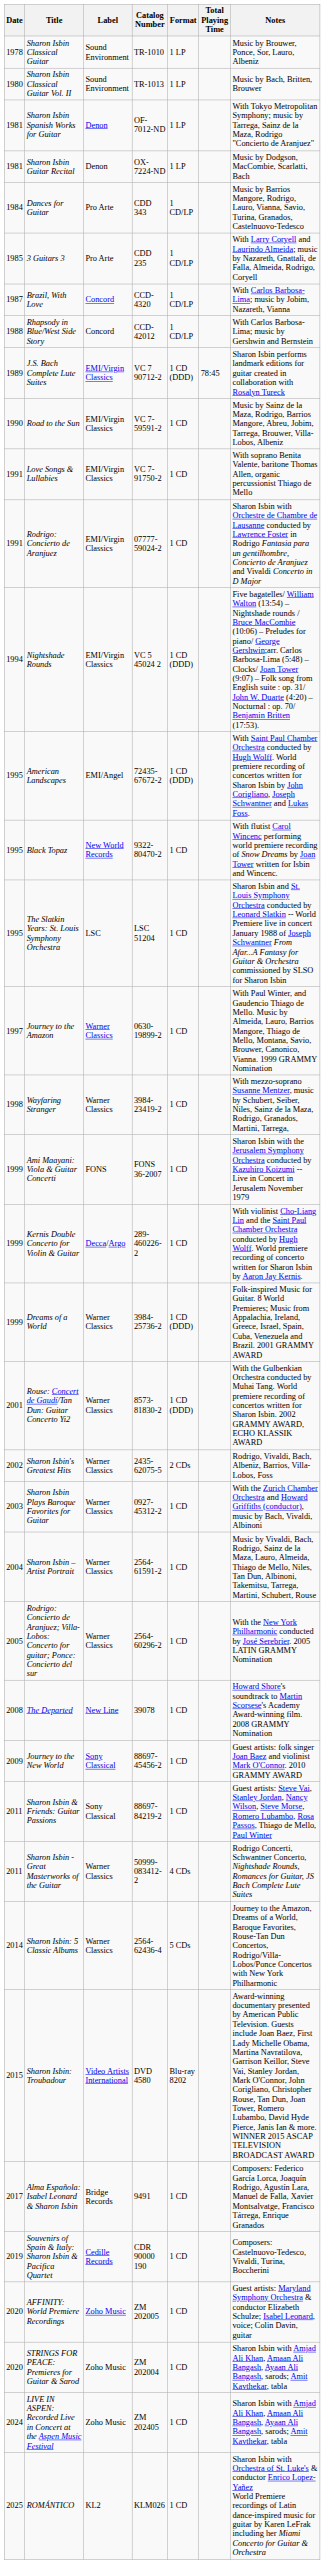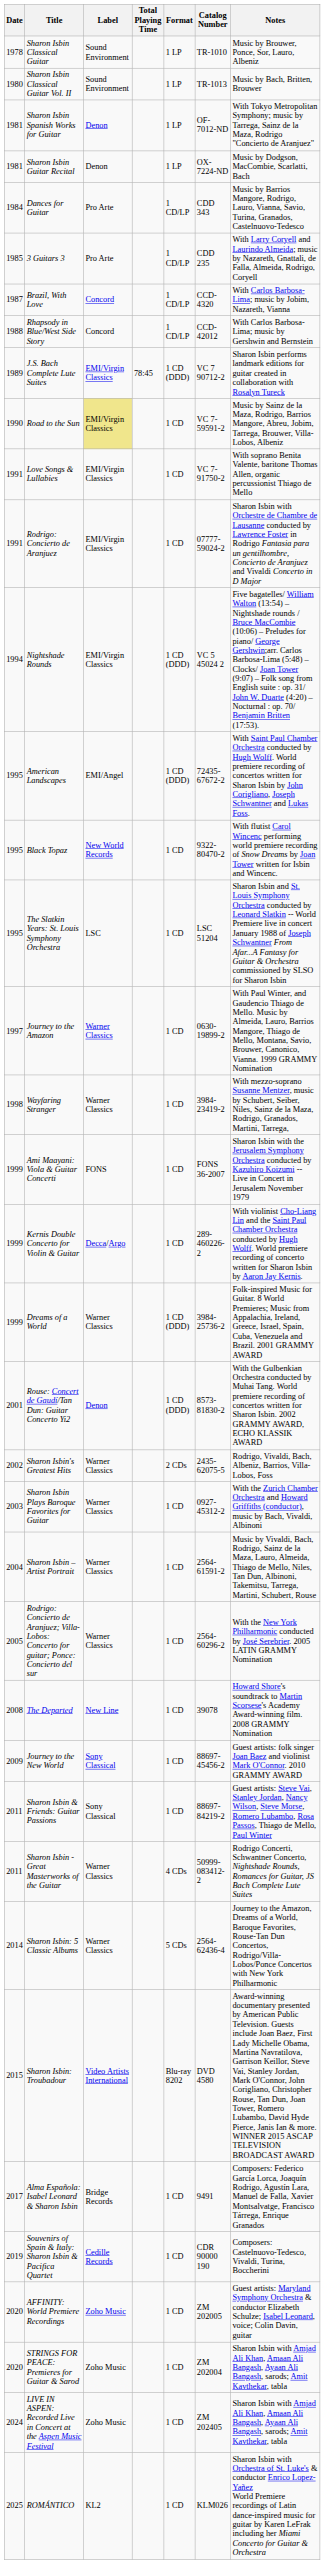 <table class="wikitable">
 <tr>
 <th>Date</th>
 <th>Title</th>
 <th>Label</th>
+<th>Total Playing Time</th>
+<th>Format</th>
 <th>Catalog Number</th>
-<th>Format</th>
-<th>Total Playing Time</th>
 <th>Notes</th>
 </tr>
 <tr>
 <td>1978</td>
 <td><em>Sharon Isbin Classical Guitar</em></td>
 <td>Sound Environment</td>
+<td></td>
+<td>1 LP</td>
 <td>TR-1010</td>
-<td>1 LP</td>
-<td></td>
 <td>Music by Brouwer, Ponce, Sor, Lauro, Albeniz</td>
 </tr>
 <tr>
 <td>1980</td>
 <td><em>Sharon Isbin Classical Guitar Vol. II</em></td>
 <td>Sound Environment</td>
+<td></td>
+<td>1 LP</td>
 <td>TR-1013</td>
-<td>1 LP</td>
-<td></td>
 <td>Music by Bach, Britten, Brouwer</td>
 </tr>
 <tr>
 <td>1981</td>
 <td><em>Sharon Isbin Spanish Works for Guitar</em></td>
 <td><a href='#'>Denon</a></td>
+<td></td>
+<td>1 LP</td>
 <td>OF-7012-ND</td>
-<td>1 LP</td>
-<td></td>
 <td>With Tokyo Metropolitan Symphony; music by Tarrega, Sainz de la Maza, Rodrigo "Concierto de Aranjuez"</td>
 </tr>
 <tr>
 <td>1981</td>
 <td><em>Sharon Isbin Guitar Recital</em></td>
 <td>Denon</td>
+<td></td>
+<td>1 LP</td>
 <td>OX-7224-ND</td>
-<td>1 LP</td>
-<td></td>
 <td>Music by Dodgson, MacCombie, Scarlatti, Bach</td>
 </tr>
 <tr>
 <td>1984</td>
 <td><em>Dances for Guitar</em></td>
 <td>Pro Arte</td>
+<td></td>
+<td>1 CD/LP</td>
 <td>CDD 343</td>
-<td>1 CD/LP</td>
-<td></td>
 <td>Music by Barrios Mangore, Rodrigo, Lauro, Vianna, Savio, Turina, Granados, Castelnuovo-Tedesco</td>
 </tr>
 <tr>
 <td>1985</td>
 <td><em>3 Guitars 3</em></td>
 <td>Pro Arte</td>
+<td></td>
+<td>1 CD/LP</td>
 <td>CDD 235</td>
-<td>1 CD/LP</td>
-<td></td>
 <td>With <a href='#'>Larry Coryell</a> and <a href='#'>Laurindo Almeida</a>; music by Nazareth, Gnattali, de Falla, Almeida, Rodrigo, Coryell</td>
 </tr>
 <tr>
 <td>1987</td>
 <td><em>Brazil, With Love</em></td>
 <td><a href='#'>Concord</a></td>
+<td></td>
+<td>1 CD/LP</td>
 <td>CCD-4320</td>
-<td>1 CD/LP</td>
-<td></td>
 <td>With <a href='#'>Carlos Barbosa-Lima</a>; music by Jobim, Nazareth, Vianna</td>
 </tr>
 <tr>
 <td>1988</td>
 <td><em>Rhapsody in Blue/West Side Story</em></td>
 <td>Concord</td>
+<td></td>
+<td>1 CD/LP</td>
 <td>CCD-42012</td>
-<td>1 CD/LP</td>
-<td></td>
 <td>With Carlos Barbosa-Lima; music by Gershwin and Bernstein</td>
 </tr>
 <tr>
 <td>1989</td>
 <td><em>J.S. Bach Complete Lute Suites</em></td>
 <td><a href='#'>EMI/Virgin Classics</a></td>
+<td>78:45</td>
+<td>1 CD (DDD)</td>
 <td>VC 7 90712-2</td>
-<td>1 CD (DDD)</td>
-<td>78:45</td>
 <td>Sharon Isbin performs landmark editions for guitar created in collaboration with <a href='#'>Rosalyn Tureck</a></td>
 </tr>
 <tr>
 <td>1990</td>
 <td><em>Road to the Sun</em></td>
-<td>EMI/Virgin Classics</td>
+<td style="background: khaki;">EMI/Virgin Classics</td>
+<td></td>
+<td>1 CD</td>
 <td>VC 7-59591-2</td>
-<td>1 CD</td>
-<td></td>
 <td>Music by Sainz de la Maza, Rodrigo, Barrios Mangore, Abreu, Jobim, Tarrega, Brouwer, Villa-Lobos, Albeniz</td>
 </tr>
 <tr>
 <td>1991</td>
 <td><em>Love Songs & Lullabies</em></td>
 <td>EMI/Virgin Classics</td>
+<td></td>
+<td>1 CD</td>
 <td>VC 7-91750-2</td>
-<td>1 CD</td>
-<td></td>
 <td>With soprano Benita Valente, baritone Thomas Allen, organic percussionist Thiago de Mello</td>
 </tr>
 <tr>
 <td>1991</td>
 <td><em>Rodrigo: Concierto de Aranjuez</em></td>
 <td>EMI/Virgin Classics</td>
+<td></td>
+<td>1 CD</td>
 <td>07777-59024-2</td>
-<td>1 CD</td>
-<td></td>
 <td>Sharon Isbin with <a href='#'>Orchestre de Chambre de Lausanne</a> conducted by <a href='#'>Lawrence Foster</a> in Rodrigo <em>Fantasia para un gentilhombre, Concierto de Aranjuez</em> and Vivaldi <em>Concerto in D Major</em></td>
 </tr>
 <tr>
 <td>1994</td>
 <td><em>Nightshade Rounds</em></td>
 <td>EMI/Virgin Classics</td>
+<td></td>
+<td>1 CD (DDD)</td>
 <td>VC 5 45024 2</td>
-<td>1 CD (DDD)</td>
-<td></td>
 <td>Five bagatelles/ <a href='#'>William Walton</a> (13:54) – Nightshade rounds / <a href='#'>Bruce MacCombie</a> (10:06) – Preludes for piano/ <a href='#'>George Gershwin</a>;arr. Carlos Barbosa-Lima (5:48) – Clocks/ <a href='#'>Joan Tower</a> (9:07) – Folk song from English suite : op. 31/ <a href='#'>John W. Duarte</a> (4:20) – Nocturnal : op. 70/ <a href='#'>Benjamin Britten</a> (17:53).</td>
 </tr>
 <tr>
 <td>1995</td>
 <td><em>American Landscapes</em></td>
 <td>EMI/Angel</td>
+<td></td>
+<td>1 CD (DDD)</td>
 <td>72435-67672-2</td>
-<td>1 CD (DDD)</td>
-<td></td>
 <td>With <a href='#'>Saint Paul Chamber Orchestra</a> conducted by <a href='#'>Hugh Wolff</a>. World premiere recording of concertos written for Sharon Isbin by <a href='#'>John Corigliano</a>, <a href='#'>Joseph Schwantner</a> and <a href='#'>Lukas Foss</a>.</td>
 </tr>
 <tr>
 <td>1995</td>
 <td><em>Black Topaz</em></td>
 <td><a href='#'>New World Records</a></td>
+<td></td>
+<td>1 CD</td>
 <td>9322-80470-2</td>
-<td>1 CD</td>
-<td></td>
 <td>With flutist <a href='#'>Carol Wincenc</a> performing world premiere recording of <em>Snow Dreams</em> by <a href='#'>Joan Tower</a> written for Isbin and Wincenc.</td>
 </tr>
 <tr>
 <td>1995</td>
 <td><em>The Slatkin Years: St. Louis Symphony Orchestra</em></td>
 <td>LSC</td>
+<td></td>
+<td>1 CD</td>
 <td>LSC 51204</td>
-<td>1 CD</td>
-<td></td>
 <td>Sharon Isbin and <a href='#'>St. Louis Symphony Orchestra</a> conducted by <a href='#'>Leonard Slatkin</a> -- World Premiere live in concert January 1988 of <a href='#'>Joseph Schwantner</a> <em>From Afar...A Fantasy for Guitar & Orchestra</em> commissioned by SLSO for Sharon Isbin</td>
 </tr>
 <tr>
 <td>1997</td>
 <td><em>Journey to the Amazon</em></td>
 <td><a href='#'>Warner Classics</a></td>
+<td></td>
+<td>1 CD</td>
 <td>0630-19899-2</td>
-<td>1 CD</td>
-<td></td>
 <td>With Paul Winter, and Gaudencio Thiago de Mello. Music by Almeida, Lauro, Barrios Mangore, Thiago de Mello, Montana, Savio, Brouwer, Canonico, Vianna. 1999 GRAMMY Nomination</td>
 </tr>
 <tr>
 <td>1998</td>
 <td><em>Wayfaring Stranger</em></td>
 <td>Warner Classics</td>
+<td></td>
+<td>1 CD</td>
 <td>3984-23419-2</td>
-<td>1 CD</td>
-<td></td>
 <td>With mezzo-soprano <a href='#'>Susanne Mentzer</a>, music by Schubert, Seiber, Niles, Sainz de la Maza, Rodrigo, Granados, Martini, Tarrega,</td>
 </tr>
 <tr>
 <td>1999</td>
 <td><em>Ami Maayani: Viola & Guitar Concerti</em></td>
 <td>FONS</td>
+<td></td>
+<td>1 CD</td>
 <td>FONS 36-2007</td>
-<td>1 CD</td>
-<td></td>
 <td>Sharon Isbin with the <a href='#'>Jerusalem Symphony Orchestra</a> conducted by <a href='#'>Kazuhiro Koizumi</a> -- Live in Concert in Jerusalem November 1979</td>
 </tr>
 <tr>
 <td>1999</td>
 <td><em>Kernis Double Concerto for Violin & Guitar</em></td>
 <td><a href='#'>Decca</a>/<a href='#'>Argo</a></td>
+<td></td>
+<td>1 CD</td>
 <td>289-460226-2</td>
-<td>1 CD</td>
-<td></td>
 <td>With violinist <a href='#'>Cho-Liang Lin</a> and the <a href='#'>Saint Paul Chamber Orchestra</a> conducted by <a href='#'>Hugh Wolff</a>. World premiere recording of concerto written for Sharon Isbin by <a href='#'>Aaron Jay Kernis</a>.</td>
 </tr>
 <tr>
 <td>1999</td>
 <td><em>Dreams of a World</em></td>
 <td>Warner Classics</td>
+<td></td>
+<td>1 CD (DDD)</td>
 <td>3984-25736-2</td>
-<td>1 CD (DDD)</td>
-<td></td>
 <td>Folk-inspired Music for Guitar. 8 World Premieres; Music from Appalachia, Ireland, Greece, Israel, Spain, Cuba, Venezuela and Brazil. 2001 GRAMMY AWARD</td>
 </tr>
 <tr>
 <td>2001</td>
 <td><em>Rouse: <a href='#'>Concert de Gaudí</a>/Tan Dun: Guitar Concerto Yi2</em></td>
-<td>Warner Classics</td>
+<td><a href='#'>Denon</a></td>
+<td></td>
+<td>1 CD (DDD)</td>
 <td>8573-81830-2</td>
-<td>1 CD (DDD)</td>
-<td></td>
 <td>With the Gulbenkian Orchestra conducted by Muhai Tang. World premiere recording of concertos written for Sharon Isbin. 2002 GRAMMY AWARD, ECHO KLASSIK AWARD</td>
 </tr>
 <tr>
 <td>2002</td>
 <td><em>Sharon Isbin's Greatest Hits</em></td>
 <td>Warner Classics</td>
+<td></td>
+<td>2 CDs</td>
 <td>2435-62075-5</td>
-<td>2 CDs</td>
-<td></td>
 <td>Rodrigo, Vivaldi, Bach, Albeniz, Barrios, Villa-Lobos, Foss</td>
 </tr>
 <tr>
 <td>2003</td>
 <td><em>Sharon Isbin Plays Baroque Favorites for Guitar</em></td>
 <td>Warner Classics</td>
+<td></td>
+<td>1 CD</td>
 <td>0927-45312-2</td>
-<td>1 CD</td>
-<td></td>
 <td>With the <a href='#'>Zurich Chamber Orchestra</a> and <a href='#'>Howard Griffiths (conductor)</a>, music by Bach, Vivaldi, Albinoni</td>
 </tr>
 <tr>
 <td>2004</td>
 <td><em>Sharon Isbin – Artist Portrait</em></td>
 <td>Warner Classics</td>
+<td></td>
+<td>1 CD</td>
 <td>2564-61591-2</td>
-<td>1 CD</td>
-<td></td>
 <td>Music by Vivaldi, Bach, Rodrigo, Sainz de la Maza, Lauro, Almeida, Thiago de Mello, Niles, Tan Dun, Albinoni, Takemitsu, Tarrega, Martini, Schubert, Rouse</td>
 </tr>
 <tr>
 <td>2005</td>
 <td><em>Rodrigo: Concierto de Aranjuez; Villa-Lobos: Concerto for guitar; Ponce: Concierto del sur</em></td>
 <td>Warner Classics</td>
+<td></td>
+<td>1 CD</td>
 <td>2564-60296-2</td>
-<td>1 CD</td>
-<td></td>
 <td>With the <a href='#'>New York Philharmonic</a> conducted by <a href='#'>José Serebrier</a>. 2005 LATIN GRAMMY Nomination</td>
 </tr>
 <tr>
 <td>2008</td>
 <td><em><a href='#'>The Departed</a></em></td>
 <td><a href='#'>New Line</a></td>
+<td></td>
+<td>1 CD</td>
 <td>39078</td>
-<td>1 CD</td>
-<td></td>
 <td><a href='#'>Howard Shore</a>'s soundtrack to <a href='#'>Martin Scorsese</a>'s Academy Award-winning film. 2008 GRAMMY Nomination</td>
 </tr>
 <tr>
 <td>2009</td>
 <td><em>Journey to the New World</em></td>
 <td><a href='#'>Sony Classical</a></td>
+<td></td>
+<td>1 CD</td>
 <td>88697-45456-2</td>
-<td>1 CD</td>
-<td></td>
 <td>Guest artists: folk singer <a href='#'>Joan Baez</a> and violinist <a href='#'>Mark O'Connor</a>. 2010 GRAMMY AWARD</td>
 </tr>
 <tr>
 <td>2011</td>
 <td><em>Sharon Isbin & Friends: Guitar Passions</em></td>
 <td Sony Masterworks>Sony Classical</td>
+<td></td>
+<td>1 CD</td>
 <td>88697-84219-2</td>
-<td>1 CD</td>
-<td></td>
 <td>Guest artists: <a href='#'>Steve Vai</a>, <a href='#'>Stanley Jordan</a>, <a href='#'>Nancy Wilson</a>, <a href='#'>Steve Morse</a>, <a href='#'>Romero Lubambo</a>, <a href='#'>Rosa Passos</a>, Thiago de Mello, <a href='#'>Paul Winter</a></td>
 </tr>
 <tr>
 <td>2011</td>
 <td><em>Sharon Isbin - Great Masterworks of the Guitar</em></td>
 <td>Warner Classics</td>
+<td></td>
+<td>4 CDs</td>
 <td>50999-083412-2</td>
-<td>4 CDs</td>
-<td></td>
 <td>Rodrigo Concerti, Schwantner Concerto, <em>Nightshade Rounds, Romances for Guitar, JS Bach Complete Lute Suites</em></td>
 </tr>
 <tr>
 <td>2014</td>
 <td><em>Sharon Isbin: 5 Classic Albums</em></td>
 <td>Warner Classics</td>
+<td></td>
+<td>5 CDs</td>
 <td>2564-62436-4</td>
-<td>5 CDs</td>
-<td></td>
 <td>Journey to the Amazon, Dreams of a World, Baroque Favorites, Rouse-Tan Dun Concertos, Rodrigo/Villa-Lobos/Ponce Concertos with New York Philharmonic</td>
 </tr>
 <tr>
 <td>2015</td>
 <td><em>Sharon Isbin: Troubadour</em></td>
 <td><a href='#'>Video Artists International</a></td>
+<td></td>
+<td>Blu-ray 8202</td>
 <td>DVD 4580</td>
-<td>Blu-ray 8202</td>
-<td></td>
 <td>Award-winning documentary presented by American Public Television. Guests include Joan Baez, First Lady Michelle Obama, Martina Navratilova, Garrison Keillor, Steve Vai, Stanley Jordan, Mark O'Connor, John Corigliano, Christopher Rouse, Tan Dun, Joan Tower, Romero Lubambo, David Hyde Pierce, Janis Ian & more. WINNER 2015 ASCAP TELEVISION BROADCAST AWARD</td>
 </tr>
 <tr>
 <td>2017</td>
 <td><em>Alma Española: Isabel Leonard & Sharon Isbin</em></td>
 <td>Bridge Records</td>
+<td></td>
+<td>1 CD</td>
 <td>9491</td>
-<td>1 CD</td>
-<td></td>
 <td>Composers: Federico García Lorca, Joaquín Rodrigo, Agustín Lara, Manuel de Falla, Xavier Montsalvatge, Francisco Tárrega, Enrique Granados</td>
 </tr>
 <tr>
 <td>2019</td>
 <td><em>Souvenirs of Spain & Italy: Sharon Isbin & Pacifica Quartet</em></td>
 <td><a href='#'>Cedille Records</a></td>
+<td></td>
+<td>1 CD</td>
 <td>CDR 90000 190</td>
-<td>1 CD</td>
-<td></td>
 <td>Composers: Castelnuovo-Tedesco, Vivaldi, Turina, Boccherini</td>
 </tr>
 <tr>
 <td>2020</td>
 <td><em>AFFINITY: World Premiere Recordings</em></td>
 <td><a href='#'>Zoho Music</a></td>
+<td></td>
+<td>1 CD</td>
 <td>ZM 202005</td>
-<td>1 CD</td>
-<td></td>
 <td>Guest artists: <a href='#'>Maryland Symphony Orchestra</a> & conductor Elizabeth Schulze; <a href='#'>Isabel Leonard</a>, voice; Colin Davin, guitar</td>
 </tr>
 <tr>
 <td>2020</td>
 <td><em>STRINGS FOR PEACE: Premieres for Guitar & Sarod</em></td>
 <td>Zoho Music</td>
+<td></td>
+<td>1 CD</td>
 <td>ZM 202004</td>
-<td>1 CD</td>
-<td></td>
 <td>Sharon Isbin with <a href='#'>Amjad Ali Khan</a>, <a href='#'>Amaan Ali Bangash</a>, <a href='#'>Ayaan Ali Bangash</a>, sarods; <a href='#'>Amit Kavthekar</a>, tabla</td>
 </tr>
 <tr>
 <td>2024</td>
 <td><em>LIVE IN ASPEN: Recorded Live in Concert at the <a href='#'>Aspen Music Festival</a></em></td>
 <td>Zoho Music</td>
+<td></td>
+<td>1 CD</td>
 <td>ZM 202405</td>
-<td>1 CD</td>
-<td></td>
 <td>Sharon Isbin with <a href='#'>Amjad Ali Khan</a>, <a href='#'>Amaan Ali Bangash</a>, <a href='#'>Ayaan Ali Bangash</a>, sarods; <a href='#'>Amit Kavthekar</a>, tabla</td>
 </tr>
 <tr>
 <td>2025</td>
 <td><em>ROMÁNTICO</em></td>
 <td>KL2</td>
+<td></td>
+<td>1 CD</td>
 <td>KLM026</td>
-<td>1 CD</td>
-<td></td>
 <td>Sharon Isbin with <a href='#'>Orchestra of St. Luke's</a> & conductor <a href='#'>Enrico Lopez-Yañez</a><br>World Premiere recordings of Latin dance-inspired music for guitar by Karen LeFrak including her <em>Miami Concerto for Guitar & Orchestra</em></td>
 </tr>
 </table>
